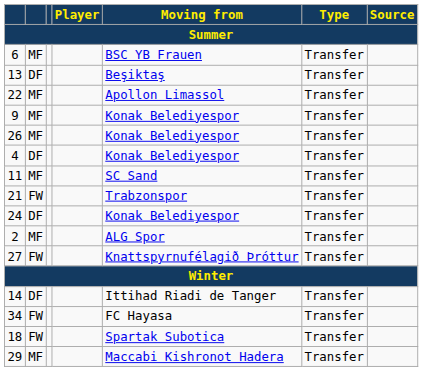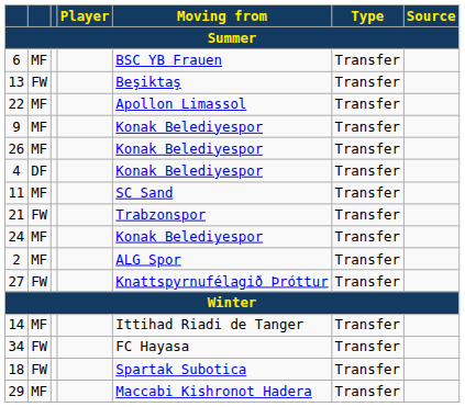 <table class="wikitable plainrowheaders sortable" style="text-align:center">
 <tr>
 <th style="background:#133A61; color:#FFED00; "></th>
 <th style="background:#133A61; color:#FFED00; "></th>
 <th style="background:#133A61; color:#FFED00; "></th>
 <th style="background:#133A61; color:#FFED00; ">Player</th>
 <th style="background:#133A61; color:#FFED00; ">Moving from</th>
 <th style="background:#133A61; color:#FFED00; ">Type</th>
 <th style="background:#133A61; color:#FFED00; ">Source</th>
 </tr>
 <tr>
 <th colspan=7 style="background:#133A61; color:#FFED00; ">Summer</th>
 </tr>
 <tr>
 <td>6</td>
 <td>MF</td>
 <td></td>
 <td align=left></td>
 <td align=left> <a href='#'>BSC YB Frauen</a></td>
 <td>Transfer</td>
 <td></td>
 </tr>
 <tr>
 <td>13</td>
-<td>DF</td>
+<td>FW</td>
 <td></td>
 <td align=left></td>
 <td align=left><a href='#'>Beşiktaş</a></td>
 <td>Transfer</td>
 <td></td>
 </tr>
 <tr>
 <td>22</td>
 <td>MF</td>
 <td></td>
 <td align=left></td>
 <td align=left> <a href='#'>Apollon Limassol</a></td>
 <td>Transfer</td>
 <td></td>
 </tr>
 <tr>
 <td>9</td>
 <td>MF</td>
 <td></td>
 <td align=left></td>
 <td align=left><a href='#'>Konak Belediyespor</a></td>
 <td>Transfer</td>
 <td></td>
 </tr>
 <tr>
 <td>26</td>
 <td>MF</td>
 <td></td>
 <td align=left></td>
 <td align=left><a href='#'>Konak Belediyespor</a></td>
 <td>Transfer</td>
 <td></td>
 </tr>
 <tr>
 <td>4</td>
 <td>DF</td>
 <td></td>
 <td align=left></td>
 <td align=left><a href='#'>Konak Belediyespor</a></td>
 <td>Transfer</td>
 <td></td>
 </tr>
 <tr>
 <td>11</td>
 <td>MF</td>
 <td></td>
 <td align=left></td>
 <td align=left> <a href='#'>SC Sand</a></td>
 <td>Transfer</td>
 <td></td>
 </tr>
 <tr>
 <td>21</td>
 <td>FW</td>
 <td></td>
 <td align=left></td>
 <td align=left><a href='#'>Trabzonspor</a></td>
 <td>Transfer</td>
 <td></td>
 </tr>
 <tr>
 <td>24</td>
-<td>DF</td>
+<td>MF</td>
 <td></td>
 <td align=left></td>
 <td align=left><a href='#'>Konak Belediyespor</a></td>
 <td>Transfer</td>
 <td></td>
 </tr>
 <tr>
 <td>2</td>
 <td>MF</td>
 <td></td>
 <td align=left></td>
 <td align=left><a href='#'>ALG Spor</a></td>
 <td>Transfer</td>
 <td></td>
 </tr>
 <tr>
 <td>27</td>
 <td>FW</td>
 <td></td>
 <td align=left></td>
 <td align=left> <a href='#'>Knattspyrnufélagið Þróttur</a></td>
 <td>Transfer</td>
 <td></td>
 </tr>
 <tr>
 <th colspan=7 style="background:#133A61; color:#FFED00; ">Winter</th>
 </tr>
 <tr>
 <td>14</td>
-<td>DF</td>
+<td>MF</td>
 <td></td>
 <td align=left></td>
 <td align=left> Ittihad Riadi de Tanger</td>
 <td>Transfer</td>
 <td></td>
 </tr>
 <tr>
 <td>34</td>
 <td>FW</td>
 <td></td>
 <td align=left></td>
 <td align=left> FC Hayasa</td>
 <td>Transfer</td>
 <td></td>
 </tr>
 <tr>
 <td>18</td>
 <td>FW</td>
 <td></td>
 <td align=left></td>
 <td align=left> <a href='#'>Spartak Subotica</a></td>
 <td>Transfer</td>
 <td></td>
 </tr>
 <tr>
 <td>29</td>
 <td>MF</td>
 <td></td>
 <td align=left></td>
 <td align=left> <a href='#'>Maccabi Kishronot Hadera</a></td>
 <td>Transfer</td>
 <td></td>
 </tr>
 </table>
